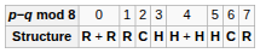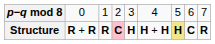 <table class="wikitable">
 <tr style="text-align:center">
 <th><em>p</em>−<em>q</em> mod 8</th>
 <td>0</td>
 <td>1</td>
 <td>2</td>
 <td>3</td>
 <td>4</td>
 <td>5</td>
 <td>6</td>
 <td>7</td>
 </tr>
 <tr>
 <th>Structure</th>
 <td><strong>R</strong> + <strong>R</strong></td>
 <td><strong>R</strong></td>
-<td><strong>C</strong></td>
+<td style="background: pink;"><strong>C</strong></td>
 <td><strong>H</strong></td>
 <td><strong>H</strong> + <strong>H</strong></td>
-<td><strong>H</strong></td>
+<td style="background: khaki;"><strong>H</strong></td>
 <td><strong>C</strong></td>
 <td><strong>R</strong></td>
 </tr>
 </table>
